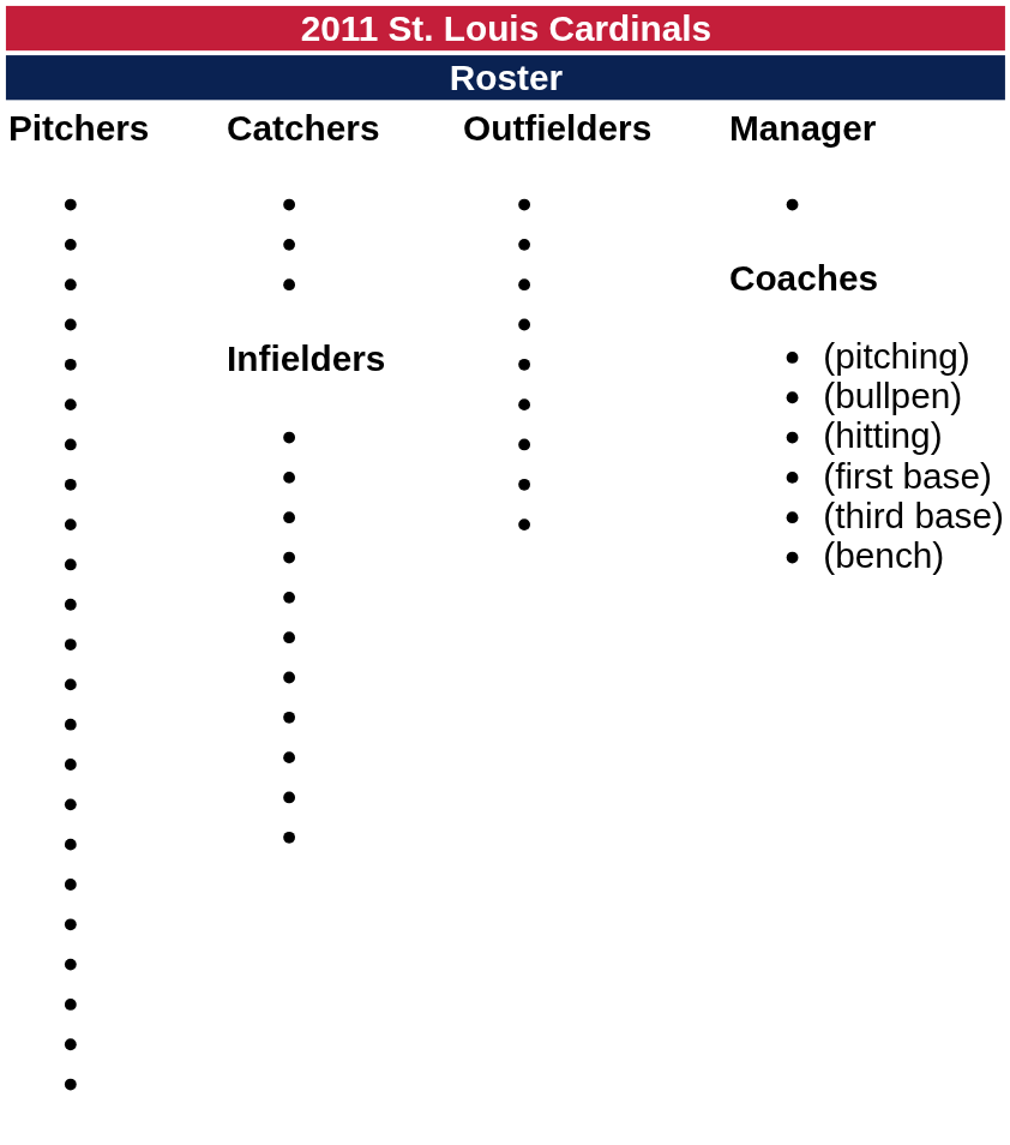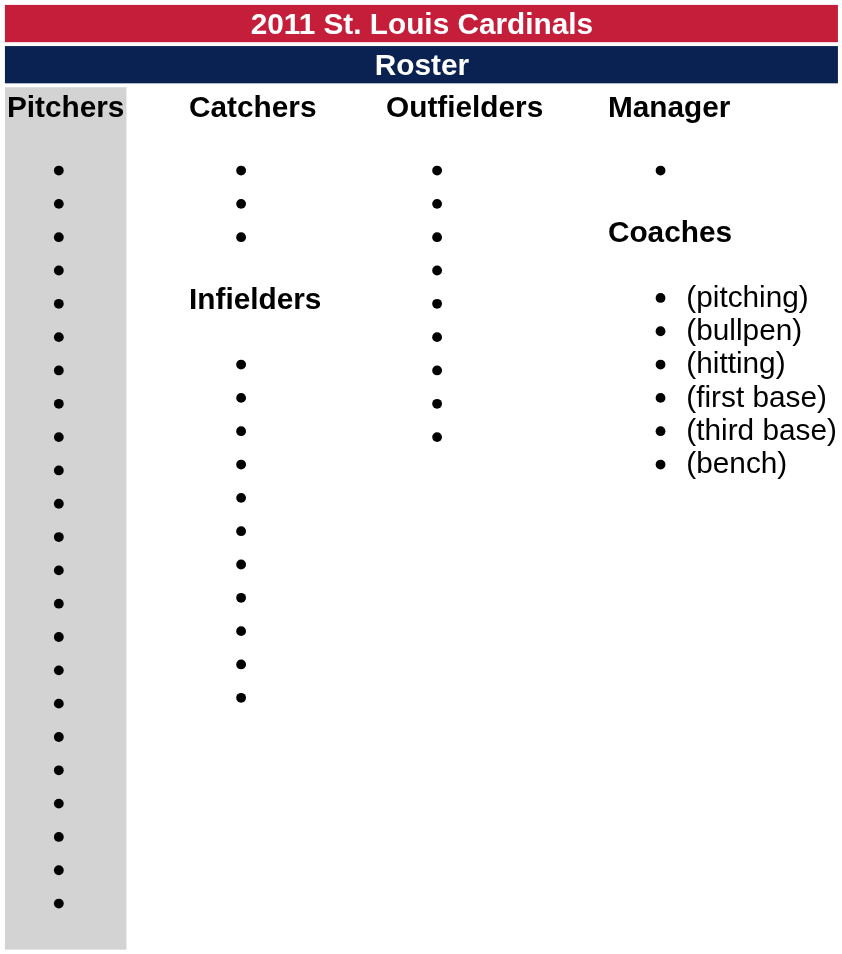 <table class="toccolours" style="font-size: 95%;">
 <tr>
 <th colspan="10" style="background:#c41e3a; color:#fff; text-align:center;">2011 St. Louis Cardinals</th>
 </tr>
 <tr>
 <td colspan="10" style="background:#0a2252; color:#fff; text-align:center;"><strong>Roster</strong></td>
 </tr>
 <tr>
-<td valign="top"><strong>Pitchers</strong><br><ul><li></li><li></li><li></li><li></li><li></li><li></li><li></li><li></li><li></li><li></li><li></li><li></li><li></li><li></li><li></li><li></li><li></li><li></li><li></li><li></li><li></li><li></li><li></li></ul></td>
+<td valign="top" style="background: lightgrey;"><strong>Pitchers</strong><br><ul><li></li><li></li><li></li><li></li><li></li><li></li><li></li><li></li><li></li><li></li><li></li><li></li><li></li><li></li><li></li><li></li><li></li><li></li><li></li><li></li><li></li><li></li><li></li></ul></td>
 <td style="width:25px;"></td>
 <td valign="top"><strong>Catchers</strong><br><ul><li></li><li></li><li></li></ul><strong>Infielders</strong><ul><li></li><li></li><li></li><li></li><li></li><li></li><li></li><li></li><li></li><li></li><li></li></ul></td>
 <td style="width:25px;"></td>
 <td valign="top"><strong>Outfielders</strong><br><ul><li></li><li></li><li></li><li></li><li></li><li></li><li></li><li></li><li></li></ul></td>
 <td style="width:25px;"></td>
 <td valign="top"><strong>Manager</strong><br><ul><li></li></ul><strong>Coaches</strong><ul><li> (pitching)</li><li> (bullpen)</li><li> (hitting)</li><li> (first base)</li><li> (third base)</li><li> (bench)</li></ul></td>
 </tr>
 </table>
